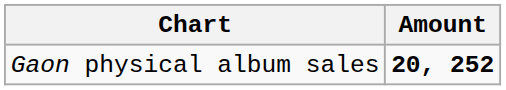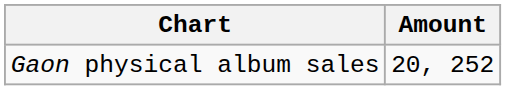 <table class="wikitable" style="text-align:center">
 <tr>
 <th>Chart</th>
 <th>Amount</th>
 </tr>
 <tr>
 <td><em>Gaon</em> physical album sales</td>
-<td><strong>20, 252</strong></td>
+<td>20, 252</td>
 </tr>
 </table>
